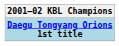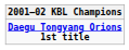 <table class=wikitable style="text-align:center; margin:auto">
 <tr>
 <th>2001–02 KBL Champions</th>
 </tr>
 <tr>
-<td style="background: lightblue;"><strong><a href='#'>Daegu Tongyang Orions</a></strong><br><strong>1st title</strong></td>
+<td><strong><a href='#'>Daegu Tongyang Orions</a></strong><br><strong>1st title</strong></td>
 </tr>
 </table>
